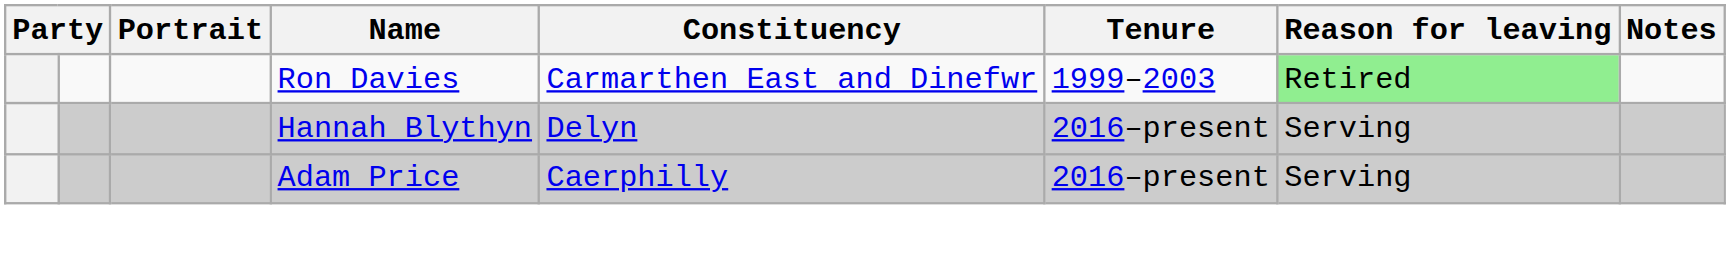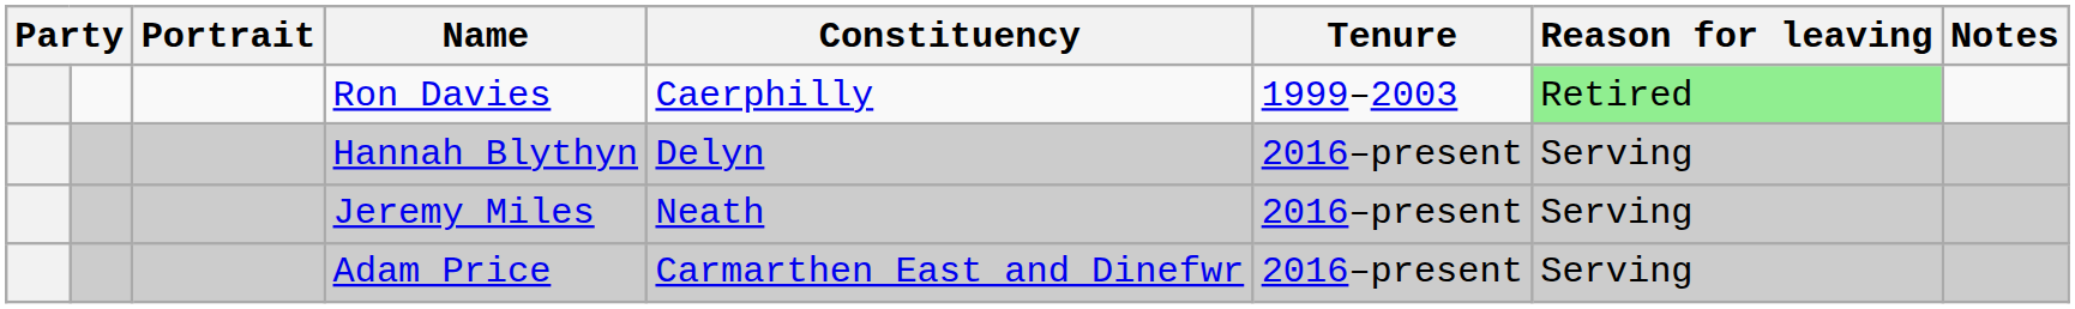 <table class="wikitable sortable">
 <tr>
 <th colspan=2>Party</th>
 <th class="unsortable">Portrait</th>
 <th class="unsortable">Name</th>
 <th class="unsortable">Constituency</th>
 <th>Tenure</th>
 <th>Reason for leaving</th>
 <th class="unsortable">Notes</th>
 </tr>
 <tr>
 <th style="background-color: "></th>
 <td></td>
 <td></td>
 <td><a href='#'>Ron Davies</a></td>
-<td><a href='#'>Carmarthen East and Dinefwr</a></td>
+<td><a href='#'>Caerphilly</a></td>
 <td><a href='#'>1999</a>–<a href='#'>2003</a></td>
 <td style="background: lightgreen;">Retired</td>
 <td></td>
 </tr>
 <tr style="background:#ccc;">
 <th style="background-color: "></th>
 <td></td>
 <td></td>
 <td><a href='#'>Hannah Blythyn</a></td>
 <td><a href='#'>Delyn</a></td>
 <td><a href='#'>2016</a>–present</td>
 <td>Serving</td>
 <td></td>
 </tr>
 <tr style="background:#ccc;">
 <th style="background-color: "></th>
 <td></td>
 <td></td>
+<td><a href='#'>Jeremy Miles</a></td>
+<td><a href='#'>Neath</a></td>
+<td><a href='#'>2016</a>–present</td>
+<td>Serving</td>
+<td></td>
+</tr>
+<tr style="background:#ccc;">
+<th style="background-color: "></th>
+<td></td>
+<td></td>
 <td><a href='#'>Adam Price</a></td>
-<td><a href='#'>Caerphilly</a></td>
+<td><a href='#'>Carmarthen East and Dinefwr</a></td>
 <td><a href='#'>2016</a>–present</td>
 <td>Serving</td>
 <td></td>
 </tr>
 </table>
